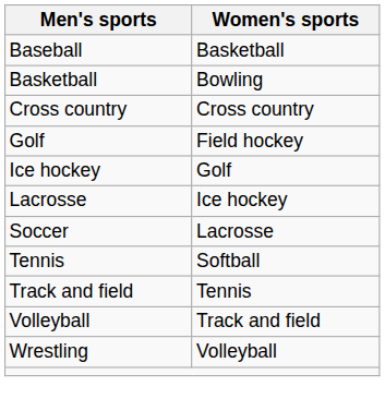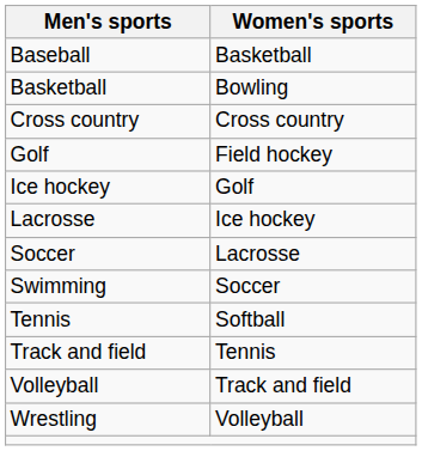 <table class="wikitable"; style= "text-align: ">
 <tr>
 <th width=150px>Men's sports</th>
 <th width=150px>Women's sports</th>
 </tr>
 <tr>
 <td>Baseball</td>
 <td>Basketball</td>
 </tr>
 <tr>
 <td>Basketball</td>
 <td>Bowling</td>
 </tr>
 <tr>
 <td>Cross country</td>
 <td>Cross country</td>
 </tr>
 <tr>
 <td>Golf</td>
 <td>Field hockey</td>
 </tr>
 <tr>
 <td>Ice hockey </td>
 <td>Golf</td>
 </tr>
 <tr>
 <td>Lacrosse</td>
 <td>Ice hockey </td>
 </tr>
 <tr>
 <td>Soccer</td>
 <td>Lacrosse</td>
 </tr>
 <tr>
+<td>Swimming</td>
+<td>Soccer</td>
+</tr>
+<tr>
 <td>Tennis</td>
 <td>Softball</td>
 </tr>
 <tr>
 <td>Track and field</td>
 <td>Tennis</td>
 </tr>
 <tr>
 <td>Volleyball</td>
 <td>Track and field</td>
 </tr>
 <tr>
 <td>Wrestling</td>
 <td>Volleyball</td>
 </tr>
 <tr>
 <td colspan=2></td>
 </tr>
 </table>
